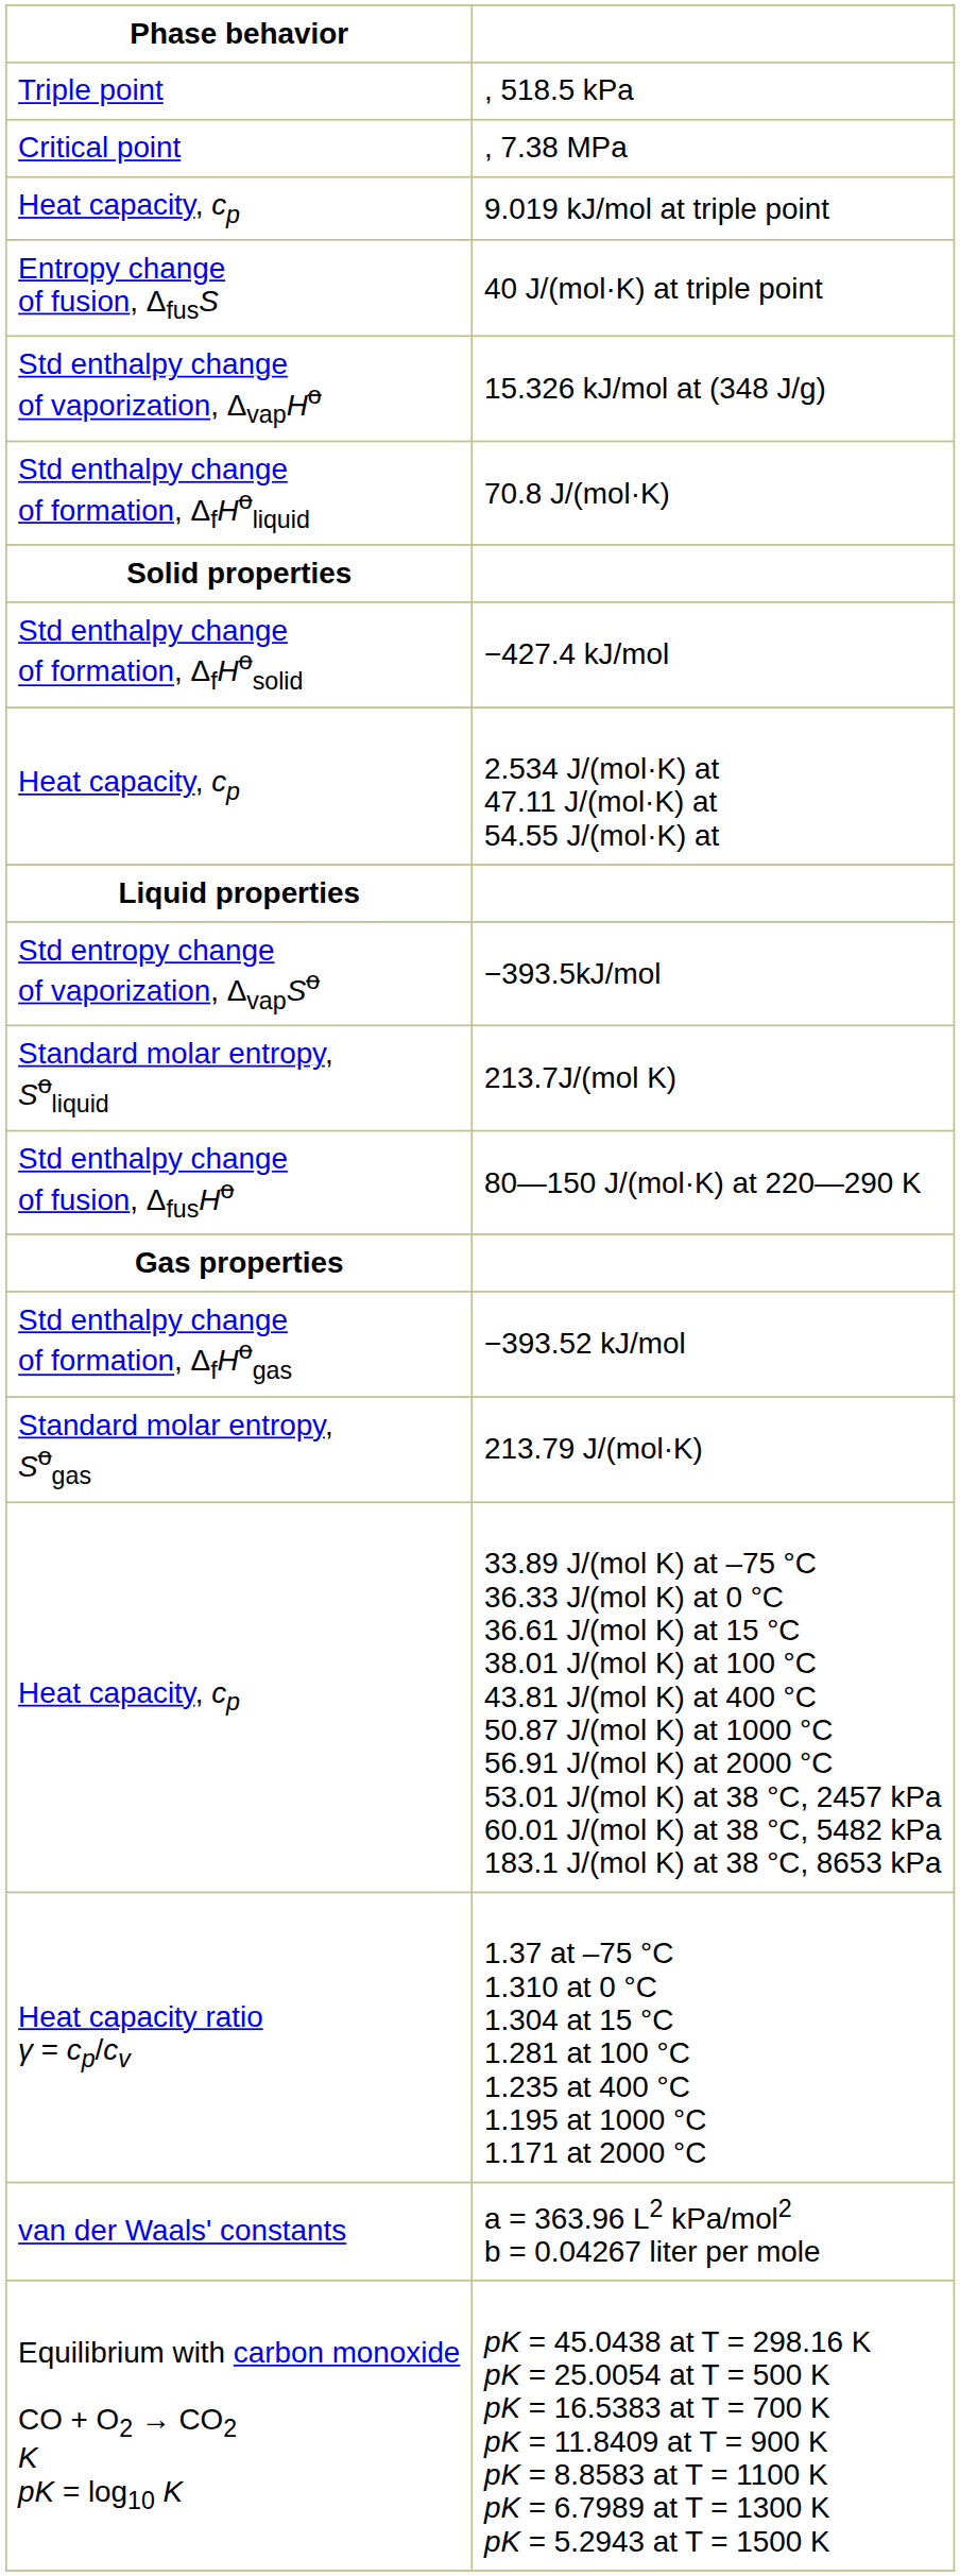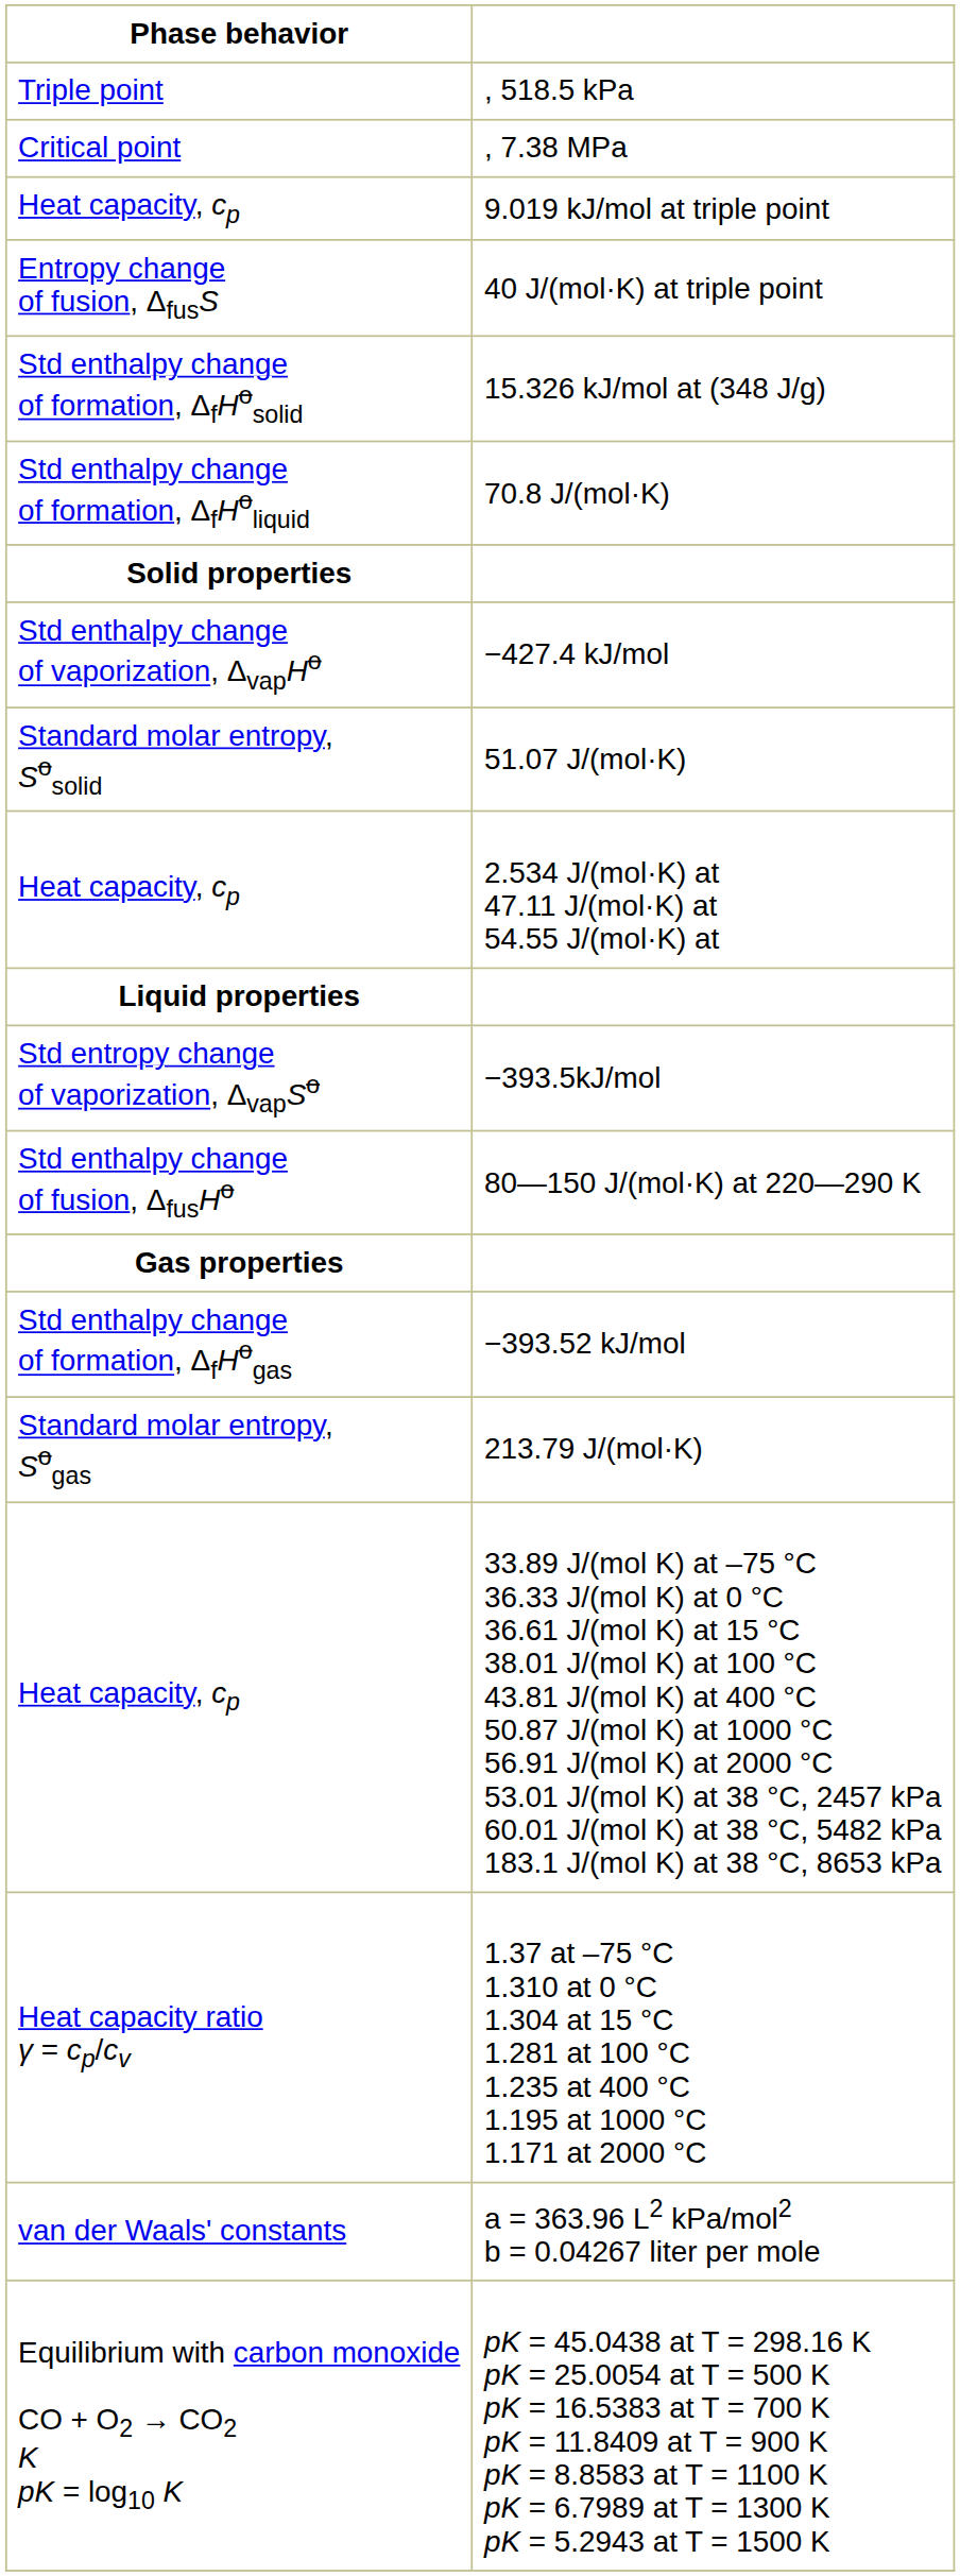 <table border="1" cellspacing="0" cellpadding="6" style="margin: 0 0 0 0.5em; background: #FFFFFF; border-collapse: collapse; border-color: #C0C090;">
 <tr>
 <th>Phase behavior</th>
 </tr>
 <tr>
 <td><a href='#'>Triple point</a></td>
 <td>, 518.5 kPa</td>
 </tr>
 <tr>
 <td><a href='#'>Critical point</a></td>
 <td>, 7.38 MPa</td>
 </tr>
 <tr>
 <td><a href='#'>Heat capacity</a>, <em>c<sub>p</sub></em></td>
 <td>9.019 kJ/mol at triple point</td>
 </tr>
 <tr>
 <td><a href='#'>Entropy change<br>of fusion</a>, Δ<sub>fus</sub><em>S</em></td>
 <td>40 J/(mol·K) at triple point</td>
 </tr>
 <tr>
-<td><a href='#'>Std enthalpy change<br>of vaporization</a>, Δ<sub>vap</sub><em>H</em><sup><s>o</s></sup></td>
+<td><a href='#'>Std enthalpy change<br>of formation</a>, Δ<sub>f</sub><em>H</em><sup><s>o</s></sup><sub>solid</sub></td>
 <td>15.326 kJ/mol at  (348 J/g)</td>
 </tr>
 <tr>
 <td><a href='#'>Std enthalpy change<br>of formation</a>, Δ<sub>f</sub><em>H</em><sup><s>o</s></sup><sub>liquid</sub></td>
 <td>70.8 J/(mol·K)</td>
 </tr>
 <tr>
 <th>Solid properties</th>
 </tr>
 <tr>
-<td><a href='#'>Std enthalpy change<br>of formation</a>, Δ<sub>f</sub><em>H</em><sup><s>o</s></sup><sub>solid</sub></td>
+<td><a href='#'>Std enthalpy change<br>of vaporization</a>, Δ<sub>vap</sub><em>H</em><sup><s>o</s></sup></td>
 <td>−427.4 kJ/mol</td>
+</tr>
+<tr>
+<td><a href='#'>Standard molar entropy</a>,<br><em>S</em><sup><s>o</s></sup><sub>solid</sub></td>
+<td>51.07 J/(mol·K)</td>
 </tr>
 <tr>
 <td><a href='#'>Heat capacity</a>, <em>c<sub>p</sub></em></td>
 <td><br>2.534 J/(mol·K) at <br> 47.11 J/(mol·K) at <br> 54.55 J/(mol·K) at <br></td>
 </tr>
 <tr>
 <th>Liquid properties</th>
 </tr>
 <tr>
 <td><a href='#'>Std entropy change<br>of vaporization</a>, Δ<sub>vap</sub><em>S</em><sup><s>o</s></sup></td>
 <td>−393.5kJ/mol</td>
-</tr>
-<tr>
-<td><a href='#'>Standard molar entropy</a>,<br><em>S</em><sup><s>o</s></sup><sub>liquid</sub></td>
-<td>213.7J/(mol K)</td>
 </tr>
 <tr>
 <td><a href='#'>Std enthalpy change<br>of fusion</a>, Δ<sub>fus</sub><em>H</em><sup><s>o</s></sup></td>
 <td>80—150 J/(mol·K) at 220—290 K</td>
 </tr>
 <tr>
 <th>Gas properties</th>
 </tr>
 <tr>
 <td><a href='#'>Std enthalpy change<br>of formation</a>, Δ<sub>f</sub><em>H</em><sup><s>o</s></sup><sub>gas</sub></td>
 <td>−393.52 kJ/mol</td>
 </tr>
 <tr>
 <td><a href='#'>Standard molar entropy</a>,<br><em>S</em><sup><s>o</s></sup><sub>gas</sub></td>
 <td>213.79 J/(mol·K)</td>
 </tr>
 <tr>
 <td><a href='#'>Heat capacity</a>, <em>c<sub>p</sub></em></td>
 <td><br>33.89 J/(mol K) at –75 °C<br> 36.33 J/(mol K) at 0 °C<br> 36.61 J/(mol K) at 15 °C<br> 38.01 J/(mol K) at 100 °C<br> 43.81 J/(mol K) at 400 °C<br> 50.87 J/(mol K) at 1000 °C<br> 56.91 J/(mol K) at 2000 °C<br> 53.01 J/(mol K) at 38 °C, 2457 kPa<br> 60.01 J/(mol K) at 38 °C, 5482 kPa<br> 183.1 J/(mol K) at 38 °C, 8653 kPa<br></td>
 </tr>
 <tr>
 <td><a href='#'>Heat capacity ratio</a><br><em>γ</em> = <em>c<sub>p</sub></em>/<em>c<sub>v</sub></em></td>
 <td><br>1.37 at –75 °C<br> 1.310 at 0 °C<br> 1.304 at 15 °C<br> 1.281 at 100 °C<br> 1.235 at 400 °C<br> 1.195 at 1000 °C<br> 1.171 at 2000 °C</td>
 </tr>
 <tr>
 <td><a href='#'>van der Waals' constants</a></td>
 <td>a = 363.96 L<sup>2</sup> kPa/mol<sup>2</sup><br>b = 0.04267 liter per mole</td>
 </tr>
 <tr>
 <td>Equilibrium with <a href='#'>carbon monoxide</a><br><br>CO + O<sub>2</sub> → CO<sub>2</sub><br><em>K</em><br><em>pK</em> = log<sub>10</sub> <em>K</em></td>
 <td><br><em>pK</em> = 45.0438 at T = 298.16 K<br> <em>pK</em> = 25.0054 at T = 500 K<br> <em>pK</em> = 16.5383 at T = 700 K<br> <em>pK</em> = 11.8409 at T = 900 K<br> <em>pK</em> = 8.8583 at T = 1100 K<br> <em>pK</em> = 6.7989 at T = 1300 K<br> <em>pK</em> = 5.2943 at T = 1500 K</td>
 </tr>
 </table>
